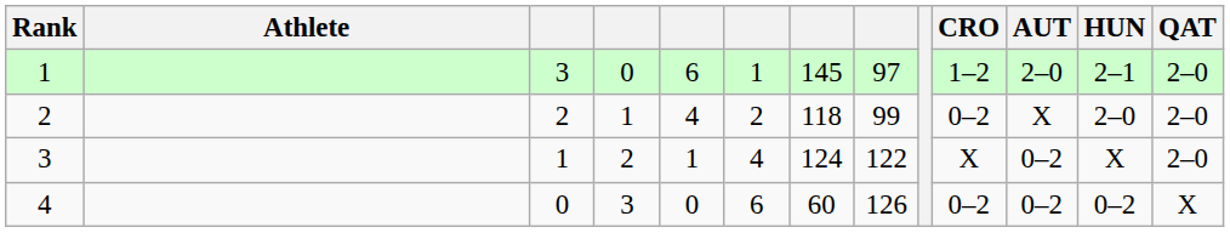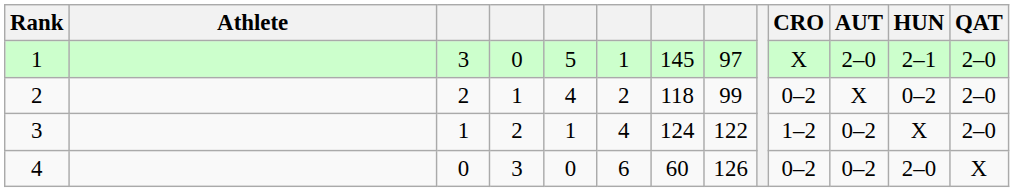 <table class="wikitable" style="text-align:center">
 <tr>
 <th>Rank</th>
 <th width=250>Athlete</th>
 <th width=30></th>
 <th width=30></th>
 <th width=30></th>
 <th width=30></th>
 <th width=30></th>
 <th width=30></th>
 <th rowspan=5></th>
 <th width=30>CRO</th>
 <th width=30>AUT</th>
 <th width=30>HUN</th>
 <th width=30>QAT</th>
 </tr>
 <tr style="background-color:#ccffcc;">
 <td>1</td>
 <td align=left></td>
 <td>3</td>
 <td>0</td>
-<td>6</td>
+<td>5</td>
 <td>1</td>
 <td>145</td>
 <td>97</td>
-<td>1–2</td>
+<td>X</td>
 <td>2–0</td>
 <td>2–1</td>
 <td>2–0</td>
 </tr>
 <tr>
 <td>2</td>
 <td align=left></td>
 <td>2</td>
 <td>1</td>
 <td>4</td>
 <td>2</td>
 <td>118</td>
 <td>99</td>
 <td>0–2</td>
 <td>X</td>
-<td>2–0</td>
+<td>0–2</td>
 <td>2–0</td>
 </tr>
 <tr>
 <td>3</td>
 <td align=left></td>
 <td>1</td>
 <td>2</td>
 <td>1</td>
 <td>4</td>
 <td>124</td>
 <td>122</td>
-<td>X</td>
+<td>1–2</td>
 <td>0–2</td>
 <td>X</td>
 <td>2–0</td>
 </tr>
 <tr>
 <td>4</td>
 <td align=left></td>
 <td>0</td>
 <td>3</td>
 <td>0</td>
 <td>6</td>
 <td>60</td>
 <td>126</td>
 <td>0–2</td>
 <td>0–2</td>
-<td>0–2</td>
+<td>2–0</td>
 <td>X</td>
 </tr>
 </table>
